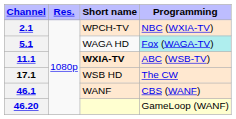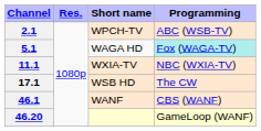 <table class="wikitable">
 <tr>
 <th style="background-color: #bdbdff" scope = "col"><a href='#'>Channel</a></th>
 <th style="background-color: #bdbdff" scope = "col"><a href='#'>Res.</a></th>
 <th style="background-color: #bdbdff" scope = "col">Short name</th>
 <th style="background-color: #bdbdff" scope = "col">Programming</th>
 </tr>
 <tr>
 <th scope = "row"><a href='#'>2.1</a></th>
 <td rowspan=6><a href='#'>1080p</a></td>
 <td style="background-color:#ffe8d0">WPCH-TV</td>
-<td style="background-color:#ffe8d0"><a href='#'>NBC</a> (<a href='#'>WXIA-TV</a>) </td>
+<td style="background-color:#ffe8d0"><a href='#'>ABC</a> (<a href='#'>WSB-TV</a>) </td>
 </tr>
 <tr>
 <th scope = "row"><a href='#'>5.1</a></th>
 <td>WAGA HD</td>
 <td style="background: paleturquoise;"><a href='#'>Fox</a> (<a href='#'>WAGA-TV</a>)</td>
 </tr>
 <tr>
 <th scope = "row"><a href='#'>11.1</a></th>
-<td style="background-color:#ffe8d0"><strong>WXIA-TV</strong></td>
-<td style="background-color:#ffe8d0"><a href='#'>ABC</a> (<a href='#'>WSB-TV</a>) </td>
+<td style="background-color:#ffe8d0">WXIA-TV</td>
+<td style="background-color:#ffe8d0"><a href='#'>NBC</a> (<a href='#'>WXIA-TV</a>) </td>
 </tr>
 <tr>
 <th scope = "row">17.1</th>
 <td style="background-color:#ffe8d0">WSB HD</td>
 <td style="background-color:#ffe8d0"><a href='#'>The CW</a> </td>
 </tr>
 <tr>
 <th scope = "row"><a href='#'>46.1</a></th>
 <td style="background-color:#ffe8d0">WANF</td>
 <td style="background-color:#ffe8d0"><a href='#'>CBS</a> (<a href='#'>WANF</a>) </td>
 </tr>
 <tr>
 <th scope = "row"><a href='#'>46.20</a></th>
 <td style="background-color:#ffffd0"></td>
 <td style="background-color:#ffffd0">GameLoop (WANF)</td>
 </tr>
 </table>
